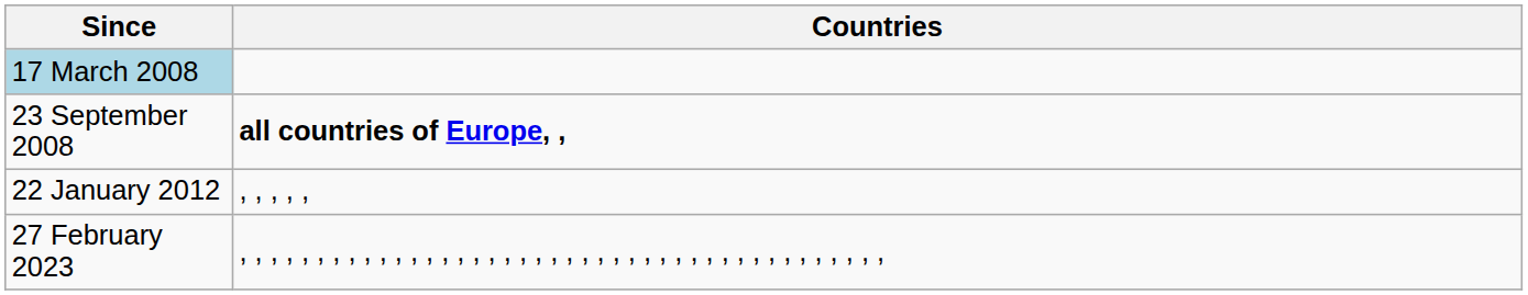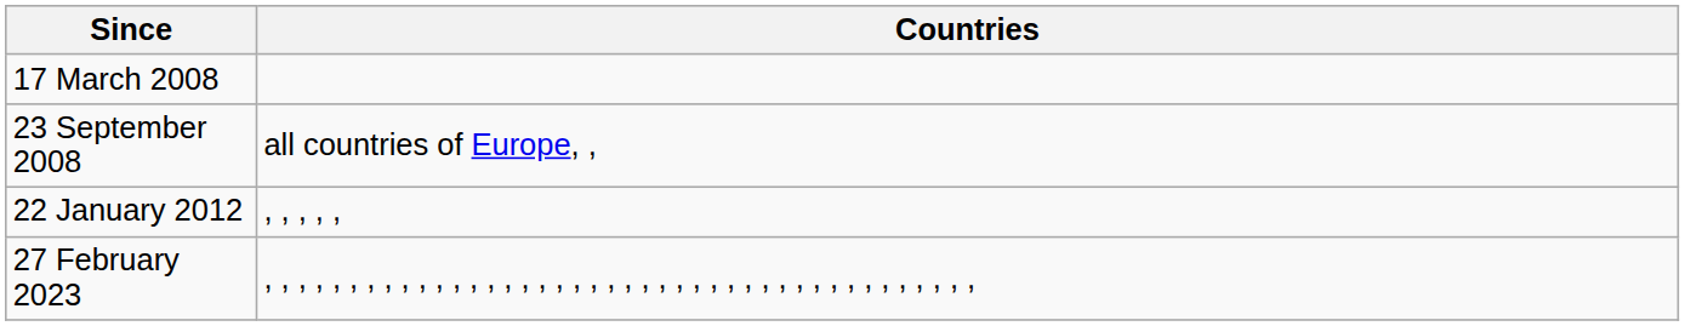 <table class="wikitable">
 <tr>
 <th style="width:15%;">Since</th>
 <th>Countries</th>
 </tr>
 <tr>
-<td style="background: lightblue;">17  March 2008</td>
+<td>17  March 2008</td>
 <td></td>
 </tr>
 <tr>
 <td>23 September 2008</td>
-<td><strong>all countries of  <a href='#'>Europe</a>, , </strong></td>
+<td>all countries of  <a href='#'>Europe</a>, , </td>
 </tr>
 <tr>
 <td>22 January 2012</td>
 <td>, , , , , </td>
 </tr>
 <tr>
 <td>27 February 2023</td>
 <td>, , , , , , , ,  , , , , , , , ,   , , , , , , , , , ,    , , , , , , , , , , , , ,  ,   , , </td>
 </tr>
 </table>
